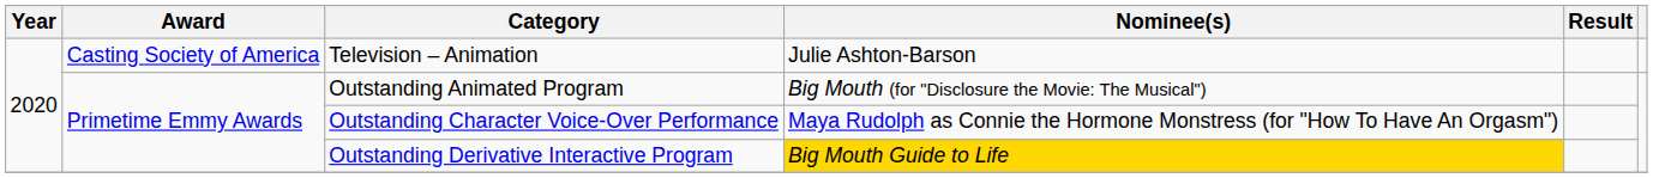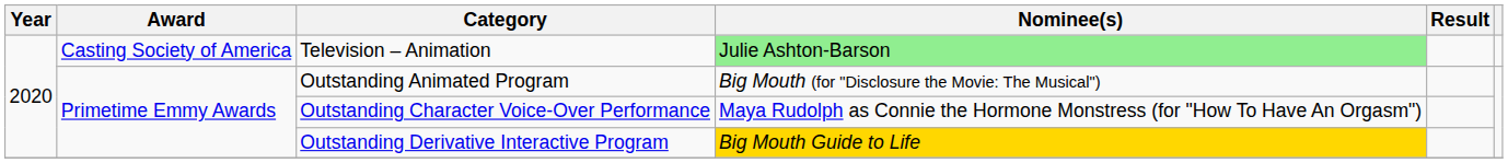 <table class="wikitable">
 <tr>
 <th>Year</th>
 <th>Award</th>
 <th>Category</th>
 <th>Nominee(s)</th>
 <th>Result</th>
 <th></th>
 </tr>
 <tr>
 <td rowspan="4">2020</td>
 <td><a href='#'>Casting Society of America</a></td>
 <td>Television – Animation</td>
-<td>Julie Ashton-Barson</td>
+<td style="background: lightgreen;">Julie Ashton-Barson</td>
 <td></td>
 <td></td>
 </tr>
 <tr>
 <td rowspan="3"><a href='#'>Primetime Emmy Awards</a></td>
 <td>Outstanding Animated Program</td>
 <td><em>Big Mouth</em> <small>(for "Disclosure the Movie: The Musical")</small></td>
 <td></td>
 <td rowspan="3"></td>
 </tr>
 <tr>
 <td><a href='#'>Outstanding Character Voice-Over Performance</a></td>
 <td><a href='#'>Maya Rudolph</a> as Connie the Hormone Monstress  (for "How To Have An Orgasm")</td>
 <td></td>
 </tr>
 <tr>
 <td><a href='#'>Outstanding Derivative Interactive Program</a></td>
 <td style="background: gold;"><em>Big Mouth Guide to Life</em></td>
 <td></td>
 </tr>
 <tr>
 </tr>
 </table>
